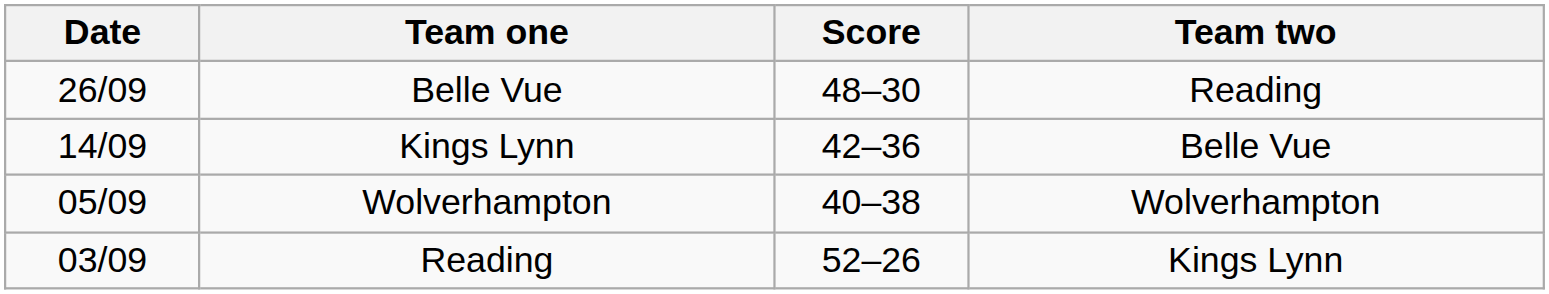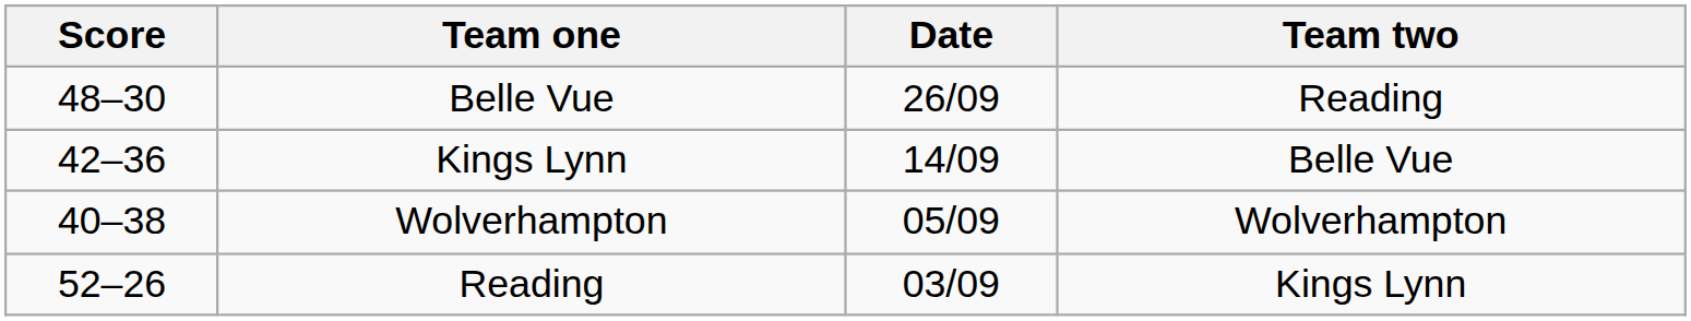 <table class="wikitable" style="text-align: center">
 <tr>
+<th width=80>Score</th>
+<th width=250>Team one</th>
 <th width=80>Date</th>
-<th width=250>Team one</th>
-<th width=80>Score</th>
 <th width=250>Team two</th>
 </tr>
 <tr>
+<td>48–30</td>
+<td>Belle Vue</td>
 <td>26/09</td>
-<td>Belle Vue</td>
-<td>48–30</td>
 <td>Reading</td>
 </tr>
 <tr>
+<td>42–36</td>
+<td>Kings Lynn</td>
 <td>14/09</td>
-<td>Kings Lynn</td>
-<td>42–36</td>
 <td>Belle Vue</td>
 </tr>
 <tr>
+<td>40–38</td>
+<td>Wolverhampton</td>
 <td>05/09</td>
-<td>Wolverhampton</td>
-<td>40–38</td>
 <td>Wolverhampton</td>
 </tr>
 <tr>
+<td>52–26</td>
+<td>Reading</td>
 <td>03/09</td>
-<td>Reading</td>
-<td>52–26</td>
 <td>Kings Lynn</td>
 </tr>
 </table>
